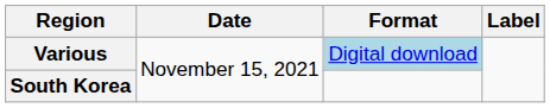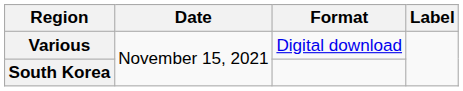 <table class="wikitable plainrowheaders">
 <tr>
 <th scope="col">Region</th>
 <th>Date</th>
 <th>Format</th>
 <th>Label</th>
 </tr>
 <tr>
 <th scope="row">Various</th>
 <td rowspan="2">November 15, 2021</td>
-<td style="background: lightblue;"><a href='#'>Digital download</a></td>
+<td><a href='#'>Digital download</a></td>
 <td rowspan="2"></td>
 </tr>
 <tr>
 <th scope="row">South Korea</th>
 <td></td>
 </tr>
 </table>
